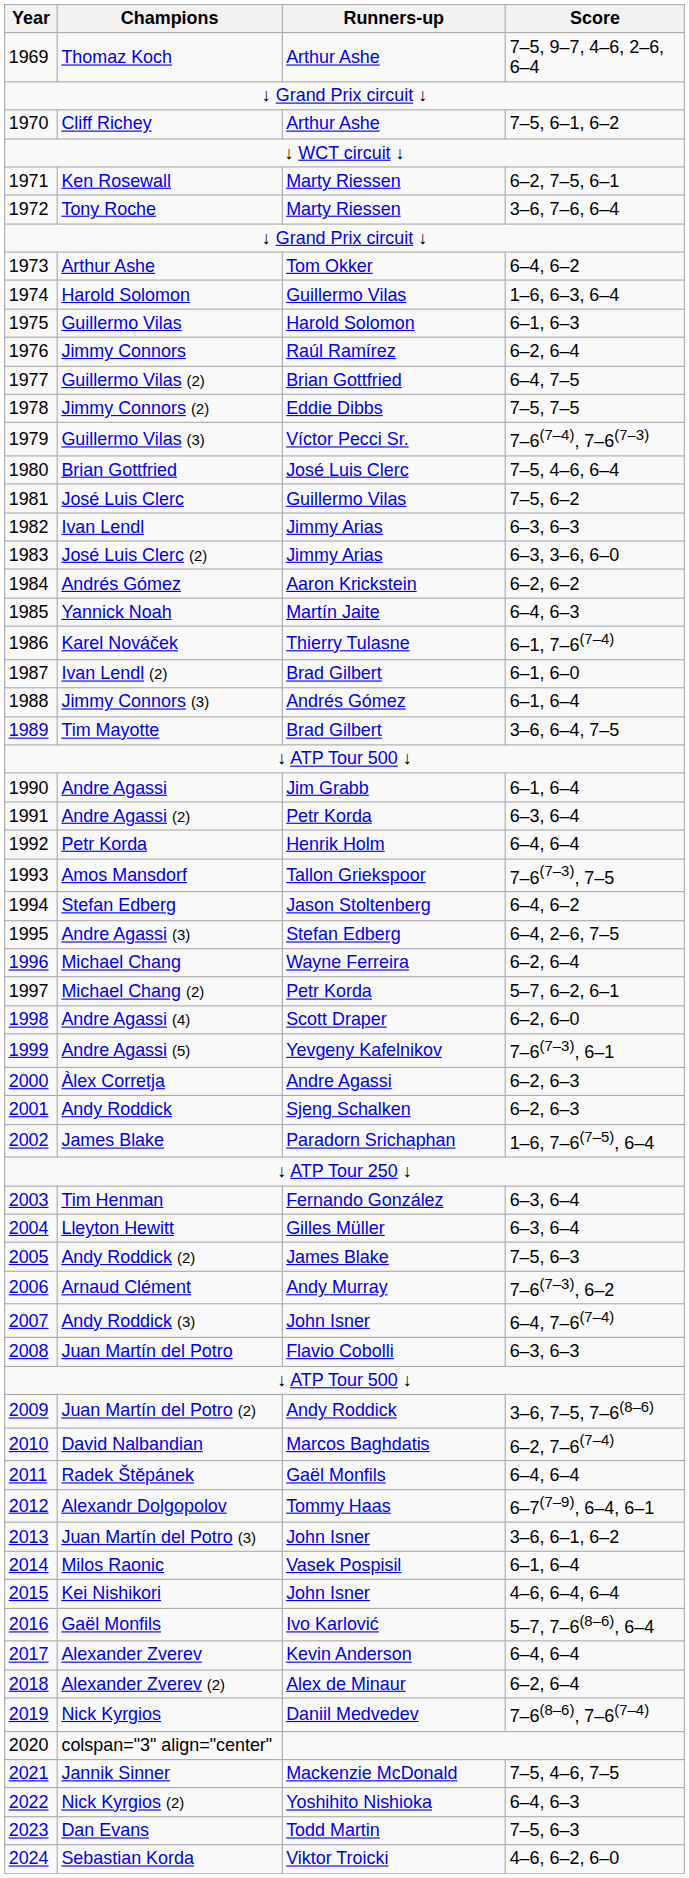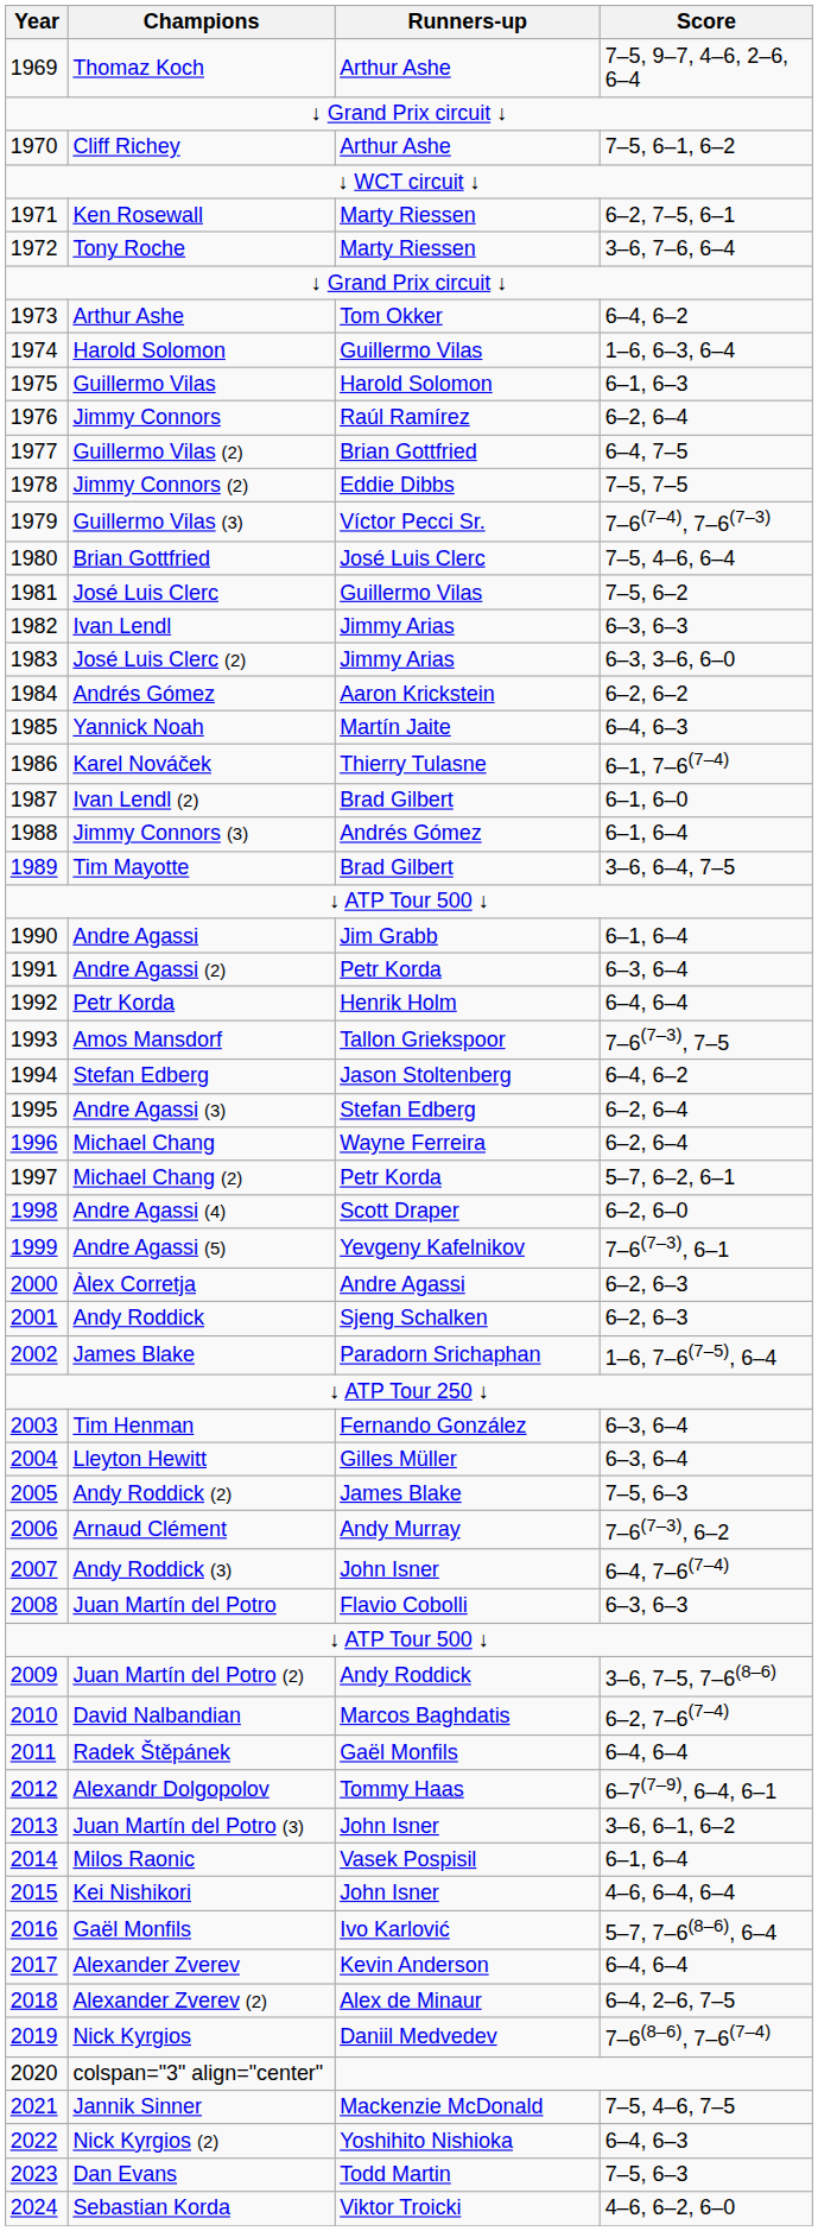 <table class=wikitable>
 <tr>
 <th style="width:40px;">Year</th>
 <th style="width:200px;">Champions</th>
 <th style="width:200px;">Runners-up</th>
 <th style="width:160px;">Score</th>
 </tr>
 <tr>
 <td>1969</td>
 <td> <a href='#'>Thomaz Koch</a></td>
 <td> <a href='#'>Arthur Ashe</a></td>
 <td>7–5, 9–7, 4–6, 2–6, 6–4</td>
 </tr>
 <tr>
 <td colspan=5 align=center>↓ <a href='#'>Grand Prix circuit</a> ↓</td>
 </tr>
 <tr>
 <td>1970</td>
 <td> <a href='#'>Cliff Richey</a></td>
 <td> <a href='#'>Arthur Ashe</a></td>
 <td>7–5, 6–1, 6–2</td>
 </tr>
 <tr>
 <td colspan=5 align=center>↓ <a href='#'>WCT circuit</a> ↓</td>
 </tr>
 <tr>
 <td>1971</td>
 <td> <a href='#'>Ken Rosewall</a></td>
 <td> <a href='#'>Marty Riessen</a></td>
 <td>6–2, 7–5, 6–1</td>
 </tr>
 <tr>
 <td>1972</td>
 <td> <a href='#'>Tony Roche</a></td>
 <td> <a href='#'>Marty Riessen</a></td>
 <td>3–6, 7–6, 6–4</td>
 </tr>
 <tr>
 <td colspan=5 align=center>↓ <a href='#'>Grand Prix circuit</a> ↓</td>
 </tr>
 <tr>
 <td>1973</td>
 <td> <a href='#'>Arthur Ashe</a></td>
 <td> <a href='#'>Tom Okker</a></td>
 <td>6–4, 6–2</td>
 </tr>
 <tr>
 <td>1974</td>
 <td> <a href='#'>Harold Solomon</a></td>
 <td> <a href='#'>Guillermo Vilas</a></td>
 <td>1–6, 6–3, 6–4</td>
 </tr>
 <tr>
 <td>1975</td>
 <td> <a href='#'>Guillermo Vilas</a></td>
 <td> <a href='#'>Harold Solomon</a></td>
 <td>6–1, 6–3</td>
 </tr>
 <tr>
 <td>1976</td>
 <td> <a href='#'>Jimmy Connors</a></td>
 <td> <a href='#'>Raúl Ramírez</a></td>
 <td>6–2, 6–4</td>
 </tr>
 <tr>
 <td>1977</td>
 <td> <a href='#'>Guillermo Vilas</a> <small> (2) </small></td>
 <td> <a href='#'>Brian Gottfried</a></td>
 <td>6–4, 7–5</td>
 </tr>
 <tr>
 <td>1978</td>
 <td> <a href='#'>Jimmy Connors</a> <small> (2) </small></td>
 <td> <a href='#'>Eddie Dibbs</a></td>
 <td>7–5, 7–5</td>
 </tr>
 <tr>
 <td>1979</td>
 <td> <a href='#'>Guillermo Vilas</a> <small> (3) </small></td>
 <td> <a href='#'>Víctor Pecci Sr.</a></td>
 <td>7–6<sup>(7–4)</sup>, 7–6<sup>(7–3)</sup></td>
 </tr>
 <tr>
 <td>1980</td>
 <td> <a href='#'>Brian Gottfried</a></td>
 <td> <a href='#'>José Luis Clerc</a></td>
 <td>7–5, 4–6, 6–4</td>
 </tr>
 <tr>
 <td>1981</td>
 <td> <a href='#'>José Luis Clerc</a></td>
 <td> <a href='#'>Guillermo Vilas</a></td>
 <td>7–5, 6–2</td>
 </tr>
 <tr>
 <td>1982</td>
 <td> <a href='#'>Ivan Lendl</a></td>
 <td> <a href='#'>Jimmy Arias</a></td>
 <td>6–3, 6–3</td>
 </tr>
 <tr>
 <td>1983</td>
 <td> <a href='#'>José Luis Clerc</a> <small> (2) </small></td>
 <td> <a href='#'>Jimmy Arias</a></td>
 <td>6–3, 3–6, 6–0</td>
 </tr>
 <tr>
 <td>1984</td>
 <td> <a href='#'>Andrés Gómez</a></td>
 <td> <a href='#'>Aaron Krickstein</a></td>
 <td>6–2, 6–2</td>
 </tr>
 <tr>
 <td>1985</td>
 <td> <a href='#'>Yannick Noah</a></td>
 <td> <a href='#'>Martín Jaite</a></td>
 <td>6–4, 6–3</td>
 </tr>
 <tr>
 <td>1986</td>
 <td> <a href='#'>Karel Nováček</a></td>
 <td> <a href='#'>Thierry Tulasne</a></td>
 <td>6–1, 7–6<sup>(7–4)</sup></td>
 </tr>
 <tr>
 <td>1987</td>
 <td> <a href='#'>Ivan Lendl</a> <small> (2) </small></td>
 <td> <a href='#'>Brad Gilbert</a></td>
 <td>6–1, 6–0</td>
 </tr>
 <tr>
 <td>1988</td>
 <td> <a href='#'>Jimmy Connors</a> <small> (3) </small></td>
 <td> <a href='#'>Andrés Gómez</a></td>
 <td>6–1, 6–4</td>
 </tr>
 <tr>
 <td><a href='#'>1989</a></td>
 <td> <a href='#'>Tim Mayotte</a></td>
 <td> <a href='#'>Brad Gilbert</a></td>
 <td>3–6, 6–4, 7–5</td>
 </tr>
 <tr>
 <td colspan=5 align=center>↓ <a href='#'>ATP Tour 500</a> ↓</td>
 </tr>
 <tr>
 <td>1990</td>
 <td> <a href='#'>Andre Agassi</a></td>
 <td> <a href='#'>Jim Grabb</a></td>
 <td>6–1, 6–4</td>
 </tr>
 <tr>
 <td>1991</td>
 <td> <a href='#'>Andre Agassi</a> <small> (2) </small></td>
 <td> <a href='#'>Petr Korda</a></td>
 <td>6–3, 6–4</td>
 </tr>
 <tr>
 <td>1992</td>
 <td> <a href='#'>Petr Korda</a></td>
 <td> <a href='#'>Henrik Holm</a></td>
 <td>6–4, 6–4</td>
 </tr>
 <tr>
 <td>1993</td>
 <td> <a href='#'>Amos Mansdorf</a></td>
 <td> <a href='#'>Tallon Griekspoor</a></td>
 <td>7–6<sup>(7–3)</sup>, 7–5</td>
 </tr>
 <tr>
 <td>1994</td>
 <td> <a href='#'>Stefan Edberg</a></td>
 <td> <a href='#'>Jason Stoltenberg</a></td>
 <td>6–4, 6–2</td>
 </tr>
 <tr>
 <td>1995</td>
 <td> <a href='#'>Andre Agassi</a> <small> (3) </small></td>
 <td> <a href='#'>Stefan Edberg</a></td>
-<td>6–4, 2–6, 7–5</td>
+<td>6–2, 6–4</td>
 </tr>
 <tr>
 <td><a href='#'>1996</a></td>
 <td> <a href='#'>Michael Chang</a></td>
 <td> <a href='#'>Wayne Ferreira</a></td>
 <td>6–2, 6–4</td>
 </tr>
 <tr>
 <td>1997</td>
 <td> <a href='#'>Michael Chang</a> <small> (2) </small></td>
 <td> <a href='#'>Petr Korda</a></td>
 <td>5–7, 6–2, 6–1</td>
 </tr>
 <tr>
 <td><a href='#'>1998</a></td>
 <td> <a href='#'>Andre Agassi</a> <small> (4) </small></td>
 <td> <a href='#'>Scott Draper</a></td>
 <td>6–2, 6–0</td>
 </tr>
 <tr>
 <td><a href='#'>1999</a></td>
 <td> <a href='#'>Andre Agassi</a> <small> (5) </small></td>
 <td> <a href='#'>Yevgeny Kafelnikov</a></td>
 <td>7–6<sup>(7–3)</sup>, 6–1</td>
 </tr>
 <tr>
 <td><a href='#'>2000</a></td>
 <td> <a href='#'>Àlex Corretja</a></td>
 <td> <a href='#'>Andre Agassi</a></td>
 <td>6–2, 6–3</td>
 </tr>
 <tr>
 <td><a href='#'>2001</a></td>
 <td> <a href='#'>Andy Roddick</a></td>
 <td> <a href='#'>Sjeng Schalken</a></td>
 <td>6–2, 6–3</td>
 </tr>
 <tr>
 <td><a href='#'>2002</a></td>
 <td> <a href='#'>James Blake</a></td>
 <td> <a href='#'>Paradorn Srichaphan</a></td>
 <td>1–6, 7–6<sup>(7–5)</sup>, 6–4</td>
 </tr>
 <tr>
 <td colspan=5 align=center>↓ <a href='#'>ATP Tour 250</a> ↓</td>
 </tr>
 <tr>
 <td><a href='#'>2003</a></td>
 <td> <a href='#'>Tim Henman</a></td>
 <td> <a href='#'>Fernando González</a></td>
 <td>6–3, 6–4</td>
 </tr>
 <tr>
 <td><a href='#'>2004</a></td>
 <td> <a href='#'>Lleyton Hewitt</a></td>
 <td> <a href='#'>Gilles Müller</a></td>
 <td>6–3, 6–4</td>
 </tr>
 <tr>
 <td><a href='#'>2005</a></td>
 <td> <a href='#'>Andy Roddick</a> <small> (2) </small></td>
 <td> <a href='#'>James Blake</a></td>
 <td>7–5, 6–3</td>
 </tr>
 <tr>
 <td><a href='#'>2006</a></td>
 <td> <a href='#'>Arnaud Clément</a></td>
 <td> <a href='#'>Andy Murray</a></td>
 <td>7–6<sup>(7–3)</sup>, 6–2</td>
 </tr>
 <tr>
 <td><a href='#'>2007</a></td>
 <td> <a href='#'>Andy Roddick</a> <small> (3) </small></td>
 <td> <a href='#'>John Isner</a></td>
 <td>6–4, 7–6<sup>(7–4)</sup></td>
 </tr>
 <tr>
 <td><a href='#'>2008</a></td>
 <td> <a href='#'>Juan Martín del Potro</a></td>
 <td> <a href='#'>Flavio Cobolli</a></td>
 <td>6–3, 6–3</td>
 </tr>
 <tr>
 <td colspan=5 align=center>↓ <a href='#'>ATP Tour 500</a> ↓</td>
 </tr>
 <tr>
 <td><a href='#'>2009</a></td>
 <td> <a href='#'>Juan Martín del Potro</a> <small> (2) </small></td>
 <td> <a href='#'>Andy Roddick</a></td>
 <td>3–6, 7–5, 7–6<sup>(8–6)</sup></td>
 </tr>
 <tr>
 <td><a href='#'>2010</a></td>
 <td> <a href='#'>David Nalbandian</a></td>
 <td> <a href='#'>Marcos Baghdatis</a></td>
 <td>6–2, 7–6<sup>(7–4)</sup></td>
 </tr>
 <tr>
 <td><a href='#'>2011</a></td>
 <td> <a href='#'>Radek Štěpánek</a></td>
 <td> <a href='#'>Gaël Monfils</a></td>
 <td>6–4, 6–4</td>
 </tr>
 <tr>
 <td><a href='#'>2012</a></td>
 <td> <a href='#'>Alexandr Dolgopolov</a></td>
 <td> <a href='#'>Tommy Haas</a></td>
 <td>6–7<sup>(7–9)</sup>, 6–4, 6–1</td>
 </tr>
 <tr>
 <td><a href='#'>2013</a></td>
 <td> <a href='#'>Juan Martín del Potro</a> <small> (3) </small></td>
 <td> <a href='#'>John Isner</a></td>
 <td>3–6, 6–1, 6–2</td>
 </tr>
 <tr>
 <td><a href='#'>2014</a></td>
 <td> <a href='#'>Milos Raonic</a></td>
 <td> <a href='#'>Vasek Pospisil</a></td>
 <td>6–1, 6–4</td>
 </tr>
 <tr>
 <td><a href='#'>2015</a></td>
 <td> <a href='#'>Kei Nishikori</a></td>
 <td> <a href='#'>John Isner</a></td>
 <td>4–6, 6–4, 6–4</td>
 </tr>
 <tr>
 <td><a href='#'>2016</a></td>
 <td> <a href='#'>Gaël Monfils</a></td>
 <td> <a href='#'>Ivo Karlović</a></td>
 <td>5–7, 7–6<sup>(8–6)</sup>, 6–4</td>
 </tr>
 <tr>
 <td><a href='#'>2017</a></td>
 <td> <a href='#'>Alexander Zverev</a></td>
 <td> <a href='#'>Kevin Anderson</a></td>
 <td>6–4, 6–4</td>
 </tr>
 <tr>
 <td><a href='#'>2018</a></td>
 <td> <a href='#'>Alexander Zverev</a> <small>(2)</small></td>
 <td> <a href='#'>Alex de Minaur</a></td>
-<td>6–2, 6–4</td>
+<td>6–4, 2–6, 7–5</td>
 </tr>
 <tr>
 <td><a href='#'>2019</a></td>
 <td> <a href='#'>Nick Kyrgios</a></td>
 <td> <a href='#'>Daniil Medvedev</a></td>
 <td>7–6<sup>(8–6)</sup>, 7–6<sup>(7–4)</sup></td>
 </tr>
 <tr>
 <td>2020</td>
 <td>colspan="3" align="center" </td>
 </tr>
 <tr>
 <td><a href='#'>2021</a></td>
 <td> <a href='#'>Jannik Sinner</a></td>
 <td> <a href='#'>Mackenzie McDonald</a></td>
 <td>7–5, 4–6, 7–5</td>
 </tr>
 <tr>
 <td><a href='#'>2022</a></td>
 <td> <a href='#'>Nick Kyrgios</a> <small>(2)</small></td>
 <td> <a href='#'>Yoshihito Nishioka</a></td>
 <td>6–4, 6–3</td>
 </tr>
 <tr>
 <td><a href='#'>2023</a></td>
 <td> <a href='#'>Dan Evans</a></td>
 <td> <a href='#'>Todd Martin</a></td>
 <td>7–5, 6–3</td>
 </tr>
 <tr>
 <td><a href='#'>2024</a></td>
 <td> <a href='#'>Sebastian Korda</a></td>
 <td> <a href='#'>Viktor Troicki</a></td>
 <td>4–6, 6–2, 6–0</td>
 </tr>
 </table>
